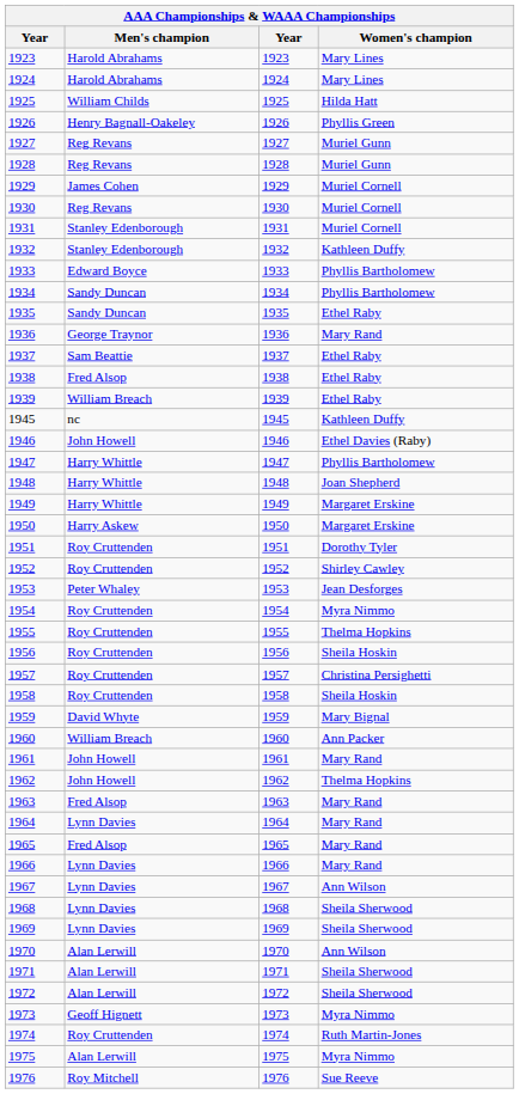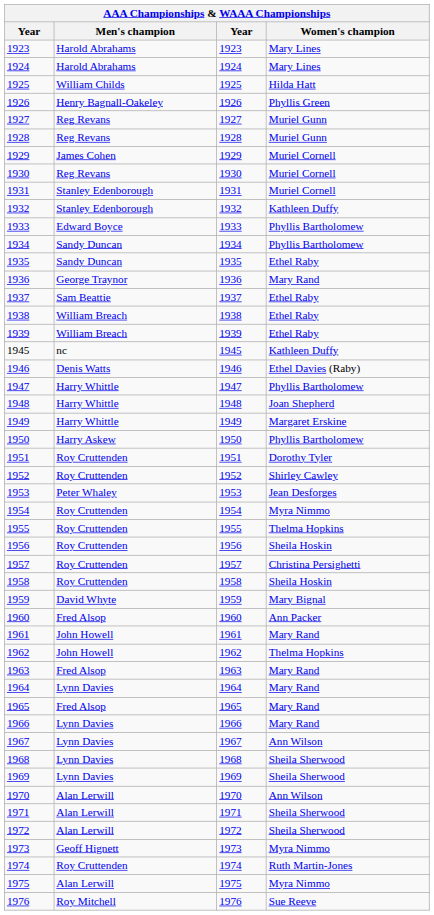 <table class="wikitable">
 <tr>
 <th colspan="4"><a href='#'>AAA Championships</a> & <a href='#'>WAAA Championships</a></th>
 </tr>
 <tr>
 <th width=80>Year</th>
 <th width=300>Men's champion</th>
 <th width=80>Year</th>
 <th width=300>Women's champion</th>
 </tr>
 <tr>
 <td><a href='#'>1923</a></td>
 <td><a href='#'>Harold Abrahams</a></td>
 <td><a href='#'>1923</a></td>
 <td><a href='#'>Mary Lines</a></td>
 </tr>
 <tr>
 <td><a href='#'>1924</a></td>
 <td><a href='#'>Harold Abrahams</a></td>
 <td><a href='#'>1924</a></td>
 <td><a href='#'>Mary Lines</a></td>
 </tr>
 <tr>
 <td><a href='#'>1925</a></td>
 <td><a href='#'>William Childs</a></td>
 <td><a href='#'>1925</a></td>
 <td><a href='#'>Hilda Hatt</a></td>
 </tr>
 <tr>
 <td><a href='#'>1926</a></td>
 <td><a href='#'>Henry Bagnall-Oakeley</a></td>
 <td><a href='#'>1926</a></td>
 <td><a href='#'>Phyllis Green</a></td>
 </tr>
 <tr>
 <td><a href='#'>1927</a></td>
 <td><a href='#'>Reg Revans</a></td>
 <td><a href='#'>1927</a></td>
 <td><a href='#'>Muriel Gunn</a></td>
 </tr>
 <tr>
 <td><a href='#'>1928</a></td>
 <td><a href='#'>Reg Revans</a></td>
 <td><a href='#'>1928</a></td>
 <td><a href='#'>Muriel Gunn</a></td>
 </tr>
 <tr>
 <td><a href='#'>1929</a></td>
 <td><a href='#'>James Cohen</a></td>
 <td><a href='#'>1929</a></td>
 <td><a href='#'>Muriel Cornell</a></td>
 </tr>
 <tr>
 <td><a href='#'>1930</a></td>
 <td><a href='#'>Reg Revans</a></td>
 <td><a href='#'>1930</a></td>
 <td><a href='#'>Muriel Cornell</a></td>
 </tr>
 <tr>
 <td><a href='#'>1931</a></td>
 <td><a href='#'>Stanley Edenborough</a></td>
 <td><a href='#'>1931</a></td>
 <td><a href='#'>Muriel Cornell</a></td>
 </tr>
 <tr>
 <td><a href='#'>1932</a></td>
 <td><a href='#'>Stanley Edenborough</a></td>
 <td><a href='#'>1932</a></td>
 <td><a href='#'>Kathleen Duffy</a></td>
 </tr>
 <tr>
 <td><a href='#'>1933</a></td>
 <td><a href='#'>Edward Boyce</a></td>
 <td><a href='#'>1933</a></td>
 <td><a href='#'>Phyllis Bartholomew</a></td>
 </tr>
 <tr>
 <td><a href='#'>1934</a></td>
 <td><a href='#'>Sandy Duncan</a></td>
 <td><a href='#'>1934</a></td>
 <td><a href='#'>Phyllis Bartholomew</a></td>
 </tr>
 <tr>
 <td><a href='#'>1935</a></td>
 <td><a href='#'>Sandy Duncan</a></td>
 <td><a href='#'>1935</a></td>
 <td><a href='#'>Ethel Raby</a></td>
 </tr>
 <tr>
 <td><a href='#'>1936</a></td>
 <td><a href='#'>George Traynor</a></td>
 <td><a href='#'>1936</a></td>
 <td><a href='#'>Mary Rand</a></td>
 </tr>
 <tr>
 <td><a href='#'>1937</a></td>
 <td><a href='#'>Sam Beattie</a></td>
 <td><a href='#'>1937</a></td>
 <td><a href='#'>Ethel Raby</a></td>
 </tr>
 <tr>
 <td><a href='#'>1938</a></td>
-<td><a href='#'>Fred Alsop</a></td>
+<td><a href='#'>William Breach</a></td>
 <td><a href='#'>1938</a></td>
 <td><a href='#'>Ethel Raby</a></td>
 </tr>
 <tr>
 <td><a href='#'>1939</a></td>
 <td><a href='#'>William Breach</a></td>
 <td><a href='#'>1939</a></td>
 <td><a href='#'>Ethel Raby</a></td>
 </tr>
 <tr>
 <td>1945</td>
 <td>nc</td>
 <td><a href='#'>1945</a></td>
 <td><a href='#'>Kathleen Duffy</a></td>
 </tr>
 <tr>
 <td><a href='#'>1946</a></td>
-<td><a href='#'>John Howell</a></td>
+<td><a href='#'>Denis Watts</a></td>
 <td><a href='#'>1946</a></td>
 <td><a href='#'>Ethel Davies</a> (Raby)</td>
 </tr>
 <tr>
 <td><a href='#'>1947</a></td>
 <td><a href='#'>Harry Whittle</a></td>
 <td><a href='#'>1947</a></td>
 <td><a href='#'>Phyllis Bartholomew</a></td>
 </tr>
 <tr>
 <td><a href='#'>1948</a></td>
 <td><a href='#'>Harry Whittle</a></td>
 <td><a href='#'>1948</a></td>
 <td><a href='#'>Joan Shepherd</a></td>
 </tr>
 <tr>
 <td><a href='#'>1949</a></td>
 <td><a href='#'>Harry Whittle</a></td>
 <td><a href='#'>1949</a></td>
 <td><a href='#'>Margaret Erskine</a></td>
 </tr>
 <tr>
 <td><a href='#'>1950</a></td>
 <td><a href='#'>Harry Askew</a></td>
 <td><a href='#'>1950</a></td>
-<td><a href='#'>Margaret Erskine</a></td>
+<td><a href='#'>Phyllis Bartholomew</a></td>
 </tr>
 <tr>
 <td><a href='#'>1951</a></td>
 <td><a href='#'>Roy Cruttenden</a></td>
 <td><a href='#'>1951</a></td>
 <td><a href='#'>Dorothy Tyler</a></td>
 </tr>
 <tr>
 <td><a href='#'>1952</a></td>
 <td><a href='#'>Roy Cruttenden</a></td>
 <td><a href='#'>1952</a></td>
 <td><a href='#'>Shirley Cawley</a></td>
 </tr>
 <tr>
 <td><a href='#'>1953</a></td>
 <td><a href='#'>Peter Whaley</a></td>
 <td><a href='#'>1953</a></td>
 <td><a href='#'>Jean Desforges</a></td>
 </tr>
 <tr>
 <td><a href='#'>1954</a></td>
 <td><a href='#'>Roy Cruttenden</a></td>
 <td><a href='#'>1954</a></td>
 <td><a href='#'>Myra Nimmo</a></td>
 </tr>
 <tr>
 <td><a href='#'>1955</a></td>
 <td><a href='#'>Roy Cruttenden</a></td>
 <td><a href='#'>1955</a></td>
 <td><a href='#'>Thelma Hopkins</a></td>
 </tr>
 <tr>
 <td><a href='#'>1956</a></td>
 <td><a href='#'>Roy Cruttenden</a></td>
 <td><a href='#'>1956</a></td>
 <td><a href='#'>Sheila Hoskin</a></td>
 </tr>
 <tr>
 <td><a href='#'>1957</a></td>
 <td><a href='#'>Roy Cruttenden</a></td>
 <td><a href='#'>1957</a></td>
 <td><a href='#'>Christina Persighetti</a></td>
 </tr>
 <tr>
 <td><a href='#'>1958</a></td>
 <td><a href='#'>Roy Cruttenden</a></td>
 <td><a href='#'>1958</a></td>
 <td><a href='#'>Sheila Hoskin</a></td>
 </tr>
 <tr>
 <td><a href='#'>1959</a></td>
 <td><a href='#'>David Whyte</a></td>
 <td><a href='#'>1959</a></td>
 <td><a href='#'>Mary Bignal</a></td>
 </tr>
 <tr>
 <td><a href='#'>1960</a></td>
-<td><a href='#'>William Breach</a></td>
+<td><a href='#'>Fred Alsop</a></td>
 <td><a href='#'>1960</a></td>
 <td><a href='#'>Ann Packer</a></td>
 </tr>
 <tr>
 <td><a href='#'>1961</a></td>
 <td><a href='#'>John Howell</a></td>
 <td><a href='#'>1961</a></td>
 <td><a href='#'>Mary Rand</a></td>
 </tr>
 <tr>
 <td><a href='#'>1962</a></td>
 <td><a href='#'>John Howell</a></td>
 <td><a href='#'>1962</a></td>
 <td><a href='#'>Thelma Hopkins</a></td>
 </tr>
 <tr>
 <td><a href='#'>1963</a></td>
 <td><a href='#'>Fred Alsop</a></td>
 <td><a href='#'>1963</a></td>
 <td><a href='#'>Mary Rand</a></td>
 </tr>
 <tr>
 <td><a href='#'>1964</a></td>
 <td><a href='#'>Lynn Davies</a></td>
 <td><a href='#'>1964</a></td>
 <td><a href='#'>Mary Rand</a></td>
 </tr>
 <tr>
 <td><a href='#'>1965</a></td>
 <td><a href='#'>Fred Alsop</a></td>
 <td><a href='#'>1965</a></td>
 <td><a href='#'>Mary Rand</a></td>
 </tr>
 <tr>
 <td><a href='#'>1966</a></td>
 <td><a href='#'>Lynn Davies</a></td>
 <td><a href='#'>1966</a></td>
 <td><a href='#'>Mary Rand</a></td>
 </tr>
 <tr>
 <td><a href='#'>1967</a></td>
 <td><a href='#'>Lynn Davies</a></td>
 <td><a href='#'>1967</a></td>
 <td><a href='#'>Ann Wilson</a></td>
 </tr>
 <tr>
 <td><a href='#'>1968</a></td>
 <td><a href='#'>Lynn Davies</a></td>
 <td><a href='#'>1968</a></td>
 <td><a href='#'>Sheila Sherwood</a></td>
 </tr>
 <tr>
 <td><a href='#'>1969</a></td>
 <td><a href='#'>Lynn Davies</a></td>
 <td><a href='#'>1969</a></td>
 <td><a href='#'>Sheila Sherwood</a></td>
 </tr>
 <tr>
 <td><a href='#'>1970</a></td>
 <td><a href='#'>Alan Lerwill</a></td>
 <td><a href='#'>1970</a></td>
 <td><a href='#'>Ann Wilson</a></td>
 </tr>
 <tr>
 <td><a href='#'>1971</a></td>
 <td><a href='#'>Alan Lerwill</a></td>
 <td><a href='#'>1971</a></td>
 <td><a href='#'>Sheila Sherwood</a></td>
 </tr>
 <tr>
 <td><a href='#'>1972</a></td>
 <td><a href='#'>Alan Lerwill</a></td>
 <td><a href='#'>1972</a></td>
 <td><a href='#'>Sheila Sherwood</a></td>
 </tr>
 <tr>
 <td><a href='#'>1973</a></td>
 <td><a href='#'>Geoff Hignett</a></td>
 <td><a href='#'>1973</a></td>
 <td><a href='#'>Myra Nimmo</a></td>
 </tr>
 <tr>
 <td><a href='#'>1974</a></td>
 <td><a href='#'>Roy Cruttenden</a></td>
 <td><a href='#'>1974</a></td>
 <td><a href='#'>Ruth Martin-Jones</a></td>
 </tr>
 <tr>
 <td><a href='#'>1975</a></td>
 <td><a href='#'>Alan Lerwill</a></td>
 <td><a href='#'>1975</a></td>
 <td><a href='#'>Myra Nimmo</a></td>
 </tr>
 <tr>
 <td><a href='#'>1976</a></td>
 <td><a href='#'>Roy Mitchell</a></td>
 <td><a href='#'>1976</a></td>
 <td><a href='#'>Sue Reeve</a></td>
 </tr>
 </table>
